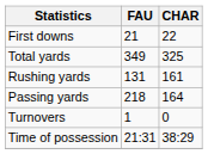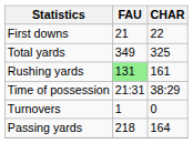 <table class="wikitable" style="float: left;">
 <tr>
 <th>Statistics</th>
 <th>FAU</th>
 <th>CHAR</th>
 </tr>
 <tr>
 <td>First downs</td>
 <td>21</td>
 <td>22</td>
 </tr>
 <tr>
 <td>Total yards</td>
 <td>349</td>
 <td>325</td>
 </tr>
 <tr>
 <td>Rushing yards</td>
-<td>131</td>
+<td style="background: lightgreen;">131</td>
 <td>161</td>
+</tr>
+<tr>
+<td>Time of possession</td>
+<td>21:31</td>
+<td>38:29</td>
+</tr>
+<tr>
+<td>Turnovers</td>
+<td>1</td>
+<td>0</td>
 </tr>
 <tr>
 <td>Passing yards</td>
 <td>218</td>
 <td>164</td>
 </tr>
 <tr>
-<td>Turnovers</td>
-<td>1</td>
-<td>0</td>
-</tr>
-<tr>
-<td>Time of possession</td>
-<td>21:31</td>
-<td>38:29</td>
-</tr>
-<tr>
 </tr>
 </table>
